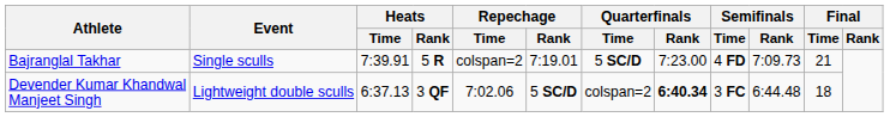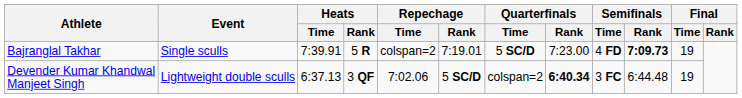 <table class="wikitable" style="font-size:90%">
 <tr>
 <th rowspan="2">Athlete</th>
 <th rowspan="2">Event</th>
 <th colspan="2">Heats</th>
 <th colspan="2">Repechage</th>
 <th colspan="2">Quarterfinals</th>
 <th colspan="2">Semifinals</th>
 <th colspan="2">Final</th>
 </tr>
 <tr style="font-size:95%">
 <th>Time</th>
 <th>Rank</th>
 <th>Time</th>
 <th>Rank</th>
 <th>Time</th>
 <th>Rank</th>
 <th>Time</th>
 <th>Rank</th>
 <th>Time</th>
 <th>Rank</th>
 </tr>
 <tr align=center>
 <td align=left><a href='#'>Bajranglal Takhar</a></td>
 <td align=left><a href='#'>Single sculls</a></td>
 <td>7:39.91</td>
 <td>5 <strong>R</strong></td>
 <td>colspan=2 </td>
 <td>7:19.01</td>
 <td>5 <strong>SC/D</strong></td>
 <td>7:23.00</td>
 <td>4 <strong>FD</strong></td>
-<td>7:09.73</td>
-<td>21</td>
+<td><strong>7:09.73</strong></td>
+<td>19</td>
 </tr>
 <tr align=center>
 <td align=left><a href='#'>Devender Kumar Khandwal</a><br><a href='#'>Manjeet Singh</a></td>
 <td align=left><a href='#'>Lightweight double sculls</a></td>
 <td>6:37.13</td>
 <td>3 <strong>QF</strong></td>
 <td>7:02.06</td>
 <td>5 <strong>SC/D</strong></td>
 <td>colspan=2 </td>
 <td><strong>6:40.34</strong></td>
 <td>3 <strong>FC</strong></td>
 <td>6:44.48</td>
-<td>18</td>
+<td>19</td>
 </tr>
 </table>
